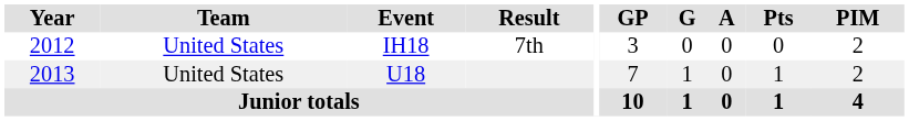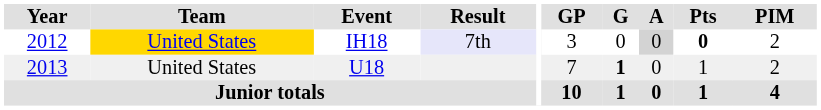 <table border="0" cellpadding="1" cellspacing="0" ID="Table3" style="text-align:center; width:40em">
 <tr ALIGN="center" bgcolor="#e0e0e0">
 <th>Year</th>
 <th>Team</th>
 <th>Event</th>
 <th>Result</th>
 <th rowspan="99" bgcolor="#ffffff"></th>
 <th>GP</th>
 <th>G</th>
 <th>A</th>
 <th>Pts</th>
 <th>PIM</th>
 </tr>
 <tr>
 <td><a href='#'>2012</a></td>
-<td><a href='#'>United States</a></td>
+<td style="background: gold;"><a href='#'>United States</a></td>
 <td><a href='#'>IH18</a></td>
-<td>7th</td>
+<td style="background: lavender;">7th</td>
 <td>3</td>
 <td>0</td>
-<td>0</td>
-<td>0</td>
+<td style="background: lightgrey;">0</td>
+<td><strong>0</strong></td>
 <td>2</td>
 </tr>
 <tr bgcolor="#f0f0f0">
 <td><a href='#'>2013</a></td>
 <td>United States</td>
 <td><a href='#'>U18</a></td>
 <td></td>
 <td>7</td>
-<td>1</td>
+<td><strong>1</strong></td>
 <td>0</td>
 <td>1</td>
 <td>2</td>
 </tr>
 <tr bgcolor="#e0e0e0">
 <th colspan="4">Junior totals</th>
 <th>10</th>
 <th>1</th>
 <th>0</th>
 <th>1</th>
 <th>4</th>
 </tr>
 </table>
